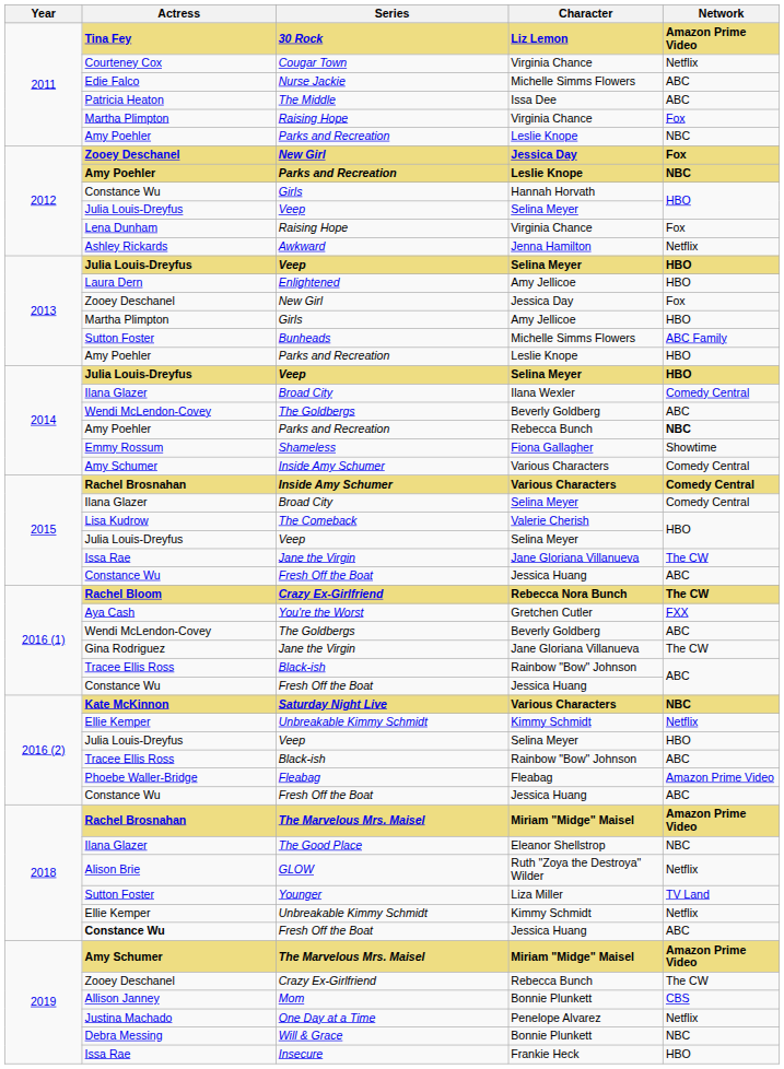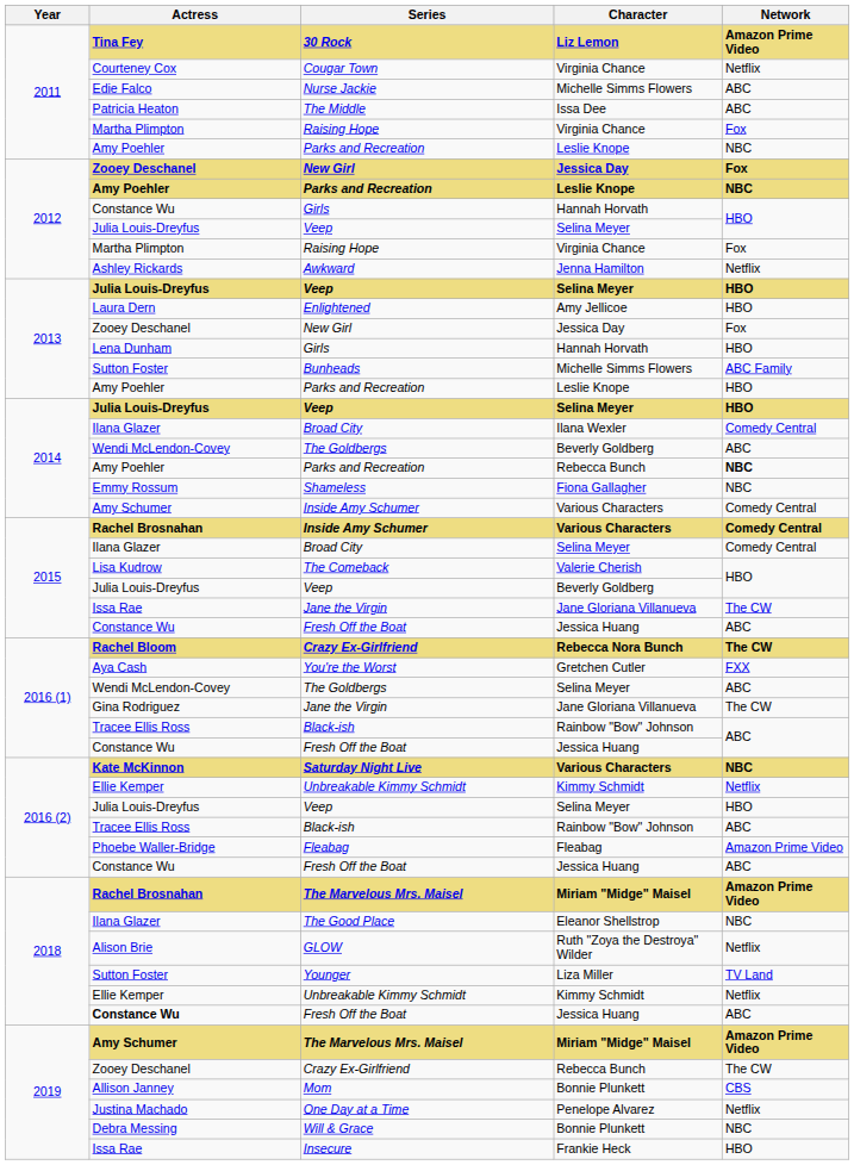 <table class="wikitable" style="width:85%">
 <tr style="background:#bebebe;">
 <th style="width:10%;">Year</th>
 <th style="wodth:25%;">Actress</th>
 <th style="width:30%;">Series</th>
 <th style="width:20%;">Character</th>
 <th style="width:15%;">Network</th>
 </tr>
 <tr>
 <td rowspan="6" style="text-align:center;"><a href='#'>2011</a><br></td>
 <td style="background:#EEDD82;"><strong><a href='#'>Tina Fey</a></strong></td>
 <td style="background:#EEDD82;"><strong><em><a href='#'>30 Rock</a></em></strong></td>
 <td style="background:#EEDD82;"><strong><a href='#'>Liz Lemon</a></strong></td>
 <td style="background:#EEDD82;"><strong>Amazon Prime Video</strong></td>
 </tr>
 <tr>
 <td><a href='#'>Courteney Cox</a></td>
 <td><em><a href='#'>Cougar Town</a></em></td>
 <td>Virginia Chance</td>
 <td>Netflix</td>
 </tr>
 <tr>
 <td><a href='#'>Edie Falco</a></td>
 <td><em><a href='#'>Nurse Jackie</a></em></td>
 <td>Michelle Simms Flowers</td>
 <td>ABC</td>
 </tr>
 <tr>
 <td><a href='#'>Patricia Heaton</a></td>
 <td><em><a href='#'>The Middle</a></em></td>
 <td>Issa Dee</td>
 <td>ABC</td>
 </tr>
 <tr>
 <td><a href='#'>Martha Plimpton</a></td>
 <td><em><a href='#'>Raising Hope</a></em></td>
 <td>Virginia Chance</td>
 <td><a href='#'>Fox</a></td>
 </tr>
 <tr>
 <td><a href='#'>Amy Poehler</a></td>
 <td><em><a href='#'>Parks and Recreation</a></em></td>
 <td><a href='#'>Leslie Knope</a></td>
 <td>NBC</td>
 </tr>
 <tr>
 <td rowspan="6" style="text-align:center;"><a href='#'>2012</a><br></td>
 <td style="background:#EEDD82;"><strong><a href='#'>Zooey Deschanel</a></strong></td>
 <td style="background:#EEDD82;"><strong><em><a href='#'>New Girl</a></em></strong></td>
 <td style="background:#EEDD82;"><strong><a href='#'>Jessica Day</a></strong></td>
 <td style="background:#EEDD82;"><strong>Fox</strong></td>
 </tr>
 <tr>
 <td style="background:#EEDD82;"><strong>Amy Poehler</strong></td>
 <td style="background:#EEDD82;"><strong><em>Parks and Recreation</em></strong></td>
 <td style="background:#EEDD82;"><strong>Leslie Knope</strong></td>
 <td style="background:#EEDD82;"><strong>NBC</strong></td>
 </tr>
 <tr>
 <td>Constance Wu</td>
 <td><em><a href='#'>Girls</a></em></td>
 <td>Hannah Horvath</td>
 <td rowspan="2"><a href='#'>HBO</a></td>
 </tr>
 <tr>
 <td><a href='#'>Julia Louis-Dreyfus</a></td>
 <td><em><a href='#'>Veep</a></em></td>
 <td><a href='#'>Selina Meyer</a></td>
 </tr>
 <tr>
-<td><a href='#'>Lena Dunham</a></td>
+<td>Martha Plimpton</td>
 <td><em>Raising Hope</em></td>
 <td>Virginia Chance</td>
 <td>Fox</td>
 </tr>
 <tr>
 <td><a href='#'>Ashley Rickards</a></td>
 <td><em><a href='#'>Awkward</a></em></td>
 <td><a href='#'>Jenna Hamilton</a></td>
 <td>Netflix</td>
 </tr>
 <tr>
 <td rowspan="6" style="text-align:center;"><a href='#'>2013</a><br></td>
 <td style="background:#EEDD82;"><strong>Julia Louis-Dreyfus</strong></td>
 <td style="background:#EEDD82;"><strong><em>Veep</em></strong></td>
 <td style="background:#EEDD82;"><strong>Selina Meyer</strong></td>
 <td style="background:#EEDD82;"><strong>HBO</strong></td>
 </tr>
 <tr>
 <td><a href='#'>Laura Dern</a></td>
 <td><em><a href='#'>Enlightened</a></em></td>
 <td>Amy Jellicoe</td>
 <td>HBO</td>
 </tr>
 <tr>
 <td>Zooey Deschanel</td>
 <td><em>New Girl</em></td>
 <td>Jessica Day</td>
 <td>Fox</td>
 </tr>
 <tr>
-<td>Martha Plimpton</td>
+<td><a href='#'>Lena Dunham</a></td>
 <td><em>Girls</em></td>
-<td>Amy Jellicoe</td>
+<td>Hannah Horvath</td>
 <td>HBO</td>
 </tr>
 <tr>
 <td><a href='#'>Sutton Foster</a></td>
 <td><em><a href='#'>Bunheads</a></em></td>
 <td>Michelle Simms Flowers</td>
 <td><a href='#'>ABC Family</a></td>
 </tr>
 <tr>
 <td>Amy Poehler</td>
 <td><em>Parks and Recreation</em></td>
 <td>Leslie Knope</td>
 <td>HBO</td>
 </tr>
 <tr>
 <td rowspan="6" style="text-align:center;"><a href='#'>2014</a><br></td>
 <td style="background:#EEDD82;"><strong>Julia Louis-Dreyfus</strong></td>
 <td style="background:#EEDD82;"><strong><em>Veep</em></strong></td>
 <td style="background:#EEDD82;"><strong>Selina Meyer</strong></td>
 <td style="background:#EEDD82;"><strong>HBO</strong></td>
 </tr>
 <tr>
 <td><a href='#'>Ilana Glazer</a></td>
 <td><em><a href='#'>Broad City</a></em></td>
 <td>Ilana Wexler</td>
 <td><a href='#'>Comedy Central</a></td>
 </tr>
 <tr>
 <td><a href='#'>Wendi McLendon-Covey</a></td>
 <td><em><a href='#'>The Goldbergs</a></em></td>
 <td>Beverly Goldberg</td>
 <td>ABC</td>
 </tr>
 <tr>
 <td>Amy Poehler</td>
 <td><em>Parks and Recreation</em></td>
 <td>Rebecca Bunch</td>
 <td><strong>NBC</strong></td>
 </tr>
 <tr>
 <td><a href='#'>Emmy Rossum</a></td>
 <td><em><a href='#'>Shameless</a></em></td>
 <td><a href='#'>Fiona Gallagher</a></td>
-<td>Showtime</td>
+<td>NBC</td>
 </tr>
 <tr>
 <td><a href='#'>Amy Schumer</a></td>
 <td><em><a href='#'>Inside Amy Schumer</a></em></td>
 <td>Various Characters</td>
 <td>Comedy Central</td>
 </tr>
 <tr>
 <td rowspan="6" style="text-align:center;"><a href='#'>2015</a><br></td>
 <td style="background:#EEDD82;"><strong>Rachel Brosnahan</strong></td>
 <td style="background:#EEDD82;"><strong><em>Inside Amy Schumer</em></strong></td>
 <td style="background:#EEDD82;"><strong>Various Characters</strong></td>
 <td style="background:#EEDD82;"><strong>Comedy Central</strong></td>
 </tr>
 <tr>
 <td>Ilana Glazer</td>
 <td><em>Broad City</em></td>
 <td><a href='#'>Selina Meyer</a></td>
 <td>Comedy Central</td>
 </tr>
 <tr>
 <td><a href='#'>Lisa Kudrow</a></td>
 <td><em><a href='#'>The Comeback</a></em></td>
 <td><a href='#'>Valerie Cherish</a></td>
 <td rowspan="2">HBO</td>
 </tr>
 <tr>
 <td>Julia Louis-Dreyfus</td>
 <td><em>Veep</em></td>
-<td>Selina Meyer</td>
+<td>Beverly Goldberg</td>
 </tr>
 <tr>
 <td><a href='#'>Issa Rae</a></td>
 <td><em><a href='#'>Jane the Virgin</a></em></td>
 <td><a href='#'>Jane Gloriana Villanueva</a></td>
 <td><a href='#'>The CW</a></td>
 </tr>
 <tr>
 <td><a href='#'>Constance Wu</a></td>
 <td><em><a href='#'>Fresh Off the Boat</a></em></td>
 <td>Jessica Huang</td>
 <td>ABC</td>
 </tr>
 <tr>
 <td rowspan="6" style="text-align:center;"><a href='#'>2016 (1)</a><br></td>
 <td style="background:#EEDD82;"><strong><a href='#'>Rachel Bloom</a></strong></td>
 <td style="background:#EEDD82;"><strong><em><a href='#'>Crazy Ex-Girlfriend</a></em></strong></td>
 <td style="background:#EEDD82;"><strong>Rebecca Nora Bunch</strong></td>
 <td style="background:#EEDD82;"><strong>The CW</strong></td>
 </tr>
 <tr>
 <td><a href='#'>Aya Cash</a></td>
 <td><em><a href='#'>You're the Worst</a></em></td>
 <td>Gretchen Cutler</td>
 <td><a href='#'>FXX</a></td>
 </tr>
 <tr>
 <td>Wendi McLendon-Covey</td>
 <td><em>The Goldbergs</em></td>
-<td>Beverly Goldberg</td>
+<td>Selina Meyer</td>
 <td>ABC</td>
 </tr>
 <tr>
 <td>Gina Rodriguez</td>
 <td><em>Jane the Virgin</em></td>
 <td>Jane Gloriana Villanueva</td>
 <td>The CW</td>
 </tr>
 <tr>
 <td><a href='#'>Tracee Ellis Ross</a></td>
 <td><em><a href='#'>Black-ish</a></em></td>
 <td>Rainbow "Bow" Johnson</td>
 <td rowspan="2">ABC</td>
 </tr>
 <tr>
 <td>Constance Wu</td>
 <td><em>Fresh Off the Boat</em></td>
 <td>Jessica Huang</td>
 </tr>
 <tr>
 <td rowspan="6" style="text-align:center;"><a href='#'>2016 (2)</a><br></td>
 <td style="background:#EEDD82;"><strong><a href='#'>Kate McKinnon</a></strong></td>
 <td style="background:#EEDD82;"><strong><em><a href='#'>Saturday Night Live</a></em></strong></td>
 <td style="background:#EEDD82;"><strong>Various Characters</strong></td>
 <td style="background:#EEDD82;"><strong>NBC</strong></td>
 </tr>
 <tr>
 <td><a href='#'>Ellie Kemper</a></td>
 <td><em><a href='#'>Unbreakable Kimmy Schmidt</a></em></td>
 <td><a href='#'>Kimmy Schmidt</a></td>
 <td><a href='#'>Netflix</a></td>
 </tr>
 <tr>
 <td>Julia Louis-Dreyfus</td>
 <td><em>Veep</em></td>
 <td>Selina Meyer</td>
 <td>HBO</td>
 </tr>
 <tr>
 <td><a href='#'>Tracee Ellis Ross</a></td>
 <td><em>Black-ish</em></td>
 <td>Rainbow "Bow" Johnson</td>
 <td>ABC</td>
 </tr>
 <tr>
 <td><a href='#'>Phoebe Waller-Bridge</a></td>
 <td><em><a href='#'>Fleabag</a></em></td>
 <td>Fleabag</td>
 <td><a href='#'>Amazon Prime Video</a></td>
 </tr>
 <tr>
 <td>Constance Wu</td>
 <td><em>Fresh Off the Boat</em></td>
 <td>Jessica Huang</td>
 <td>ABC</td>
 </tr>
 <tr>
 <td rowspan="6" style="text-align:center;"><a href='#'>2018</a><br></td>
 <td style="background:#EEDD82;"><strong><a href='#'>Rachel Brosnahan</a></strong></td>
 <td style="background:#EEDD82;"><strong><em><a href='#'>The Marvelous Mrs. Maisel</a></em></strong></td>
 <td style="background:#EEDD82;"><strong>Miriam "Midge" Maisel</strong></td>
 <td style="background:#EEDD82;"><strong>Amazon Prime Video</strong></td>
 </tr>
 <tr>
 <td><a href='#'>Ilana Glazer</a></td>
 <td><em><a href='#'>The Good Place</a></em></td>
 <td>Eleanor Shellstrop</td>
 <td>NBC</td>
 </tr>
 <tr>
 <td><a href='#'>Alison Brie</a></td>
 <td><em><a href='#'>GLOW</a></em></td>
 <td>Ruth "Zoya the Destroya" Wilder</td>
 <td>Netflix</td>
 </tr>
 <tr>
 <td><a href='#'>Sutton Foster</a></td>
 <td><em><a href='#'>Younger</a></em></td>
 <td>Liza Miller</td>
 <td><a href='#'>TV Land</a></td>
 </tr>
 <tr>
 <td>Ellie Kemper</td>
 <td><em>Unbreakable Kimmy Schmidt</em></td>
 <td>Kimmy Schmidt</td>
 <td>Netflix</td>
 </tr>
 <tr>
 <td><strong>Constance Wu</strong></td>
 <td><em>Fresh Off the Boat</em></td>
 <td>Jessica Huang</td>
 <td>ABC</td>
 </tr>
 <tr>
 <td rowspan="6" style="text-align:center;"><a href='#'>2019</a><br></td>
 <td style="background:#EEDD82;"><strong>Amy Schumer</strong></td>
 <td style="background:#EEDD82;"><strong><em>The Marvelous Mrs. Maisel</em></strong></td>
 <td style="background:#EEDD82;"><strong>Miriam "Midge" Maisel</strong></td>
 <td style="background:#EEDD82;"><strong>Amazon Prime Video</strong></td>
 </tr>
 <tr>
 <td>Zooey Deschanel</td>
 <td><em>Crazy Ex-Girlfriend</em></td>
 <td>Rebecca Bunch</td>
 <td>The CW</td>
 </tr>
 <tr>
 <td><a href='#'>Allison Janney</a></td>
 <td><em><a href='#'>Mom</a></em></td>
 <td>Bonnie Plunkett</td>
 <td><a href='#'>CBS</a></td>
 </tr>
 <tr>
 <td><a href='#'>Justina Machado</a></td>
 <td><em><a href='#'>One Day at a Time</a></em></td>
 <td>Penelope Alvarez</td>
 <td>Netflix</td>
 </tr>
 <tr>
 <td><a href='#'>Debra Messing</a></td>
 <td><em><a href='#'>Will & Grace</a></em></td>
 <td>Bonnie Plunkett</td>
 <td>NBC</td>
 </tr>
 <tr>
 <td><a href='#'>Issa Rae</a></td>
 <td><em><a href='#'>Insecure</a></em></td>
 <td>Frankie Heck</td>
 <td>HBO</td>
 </tr>
 </table>
